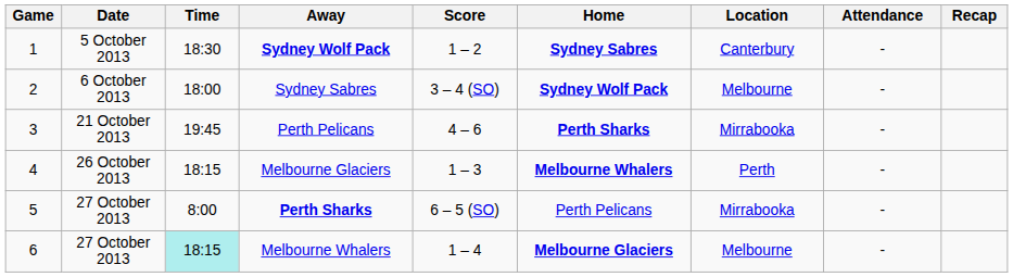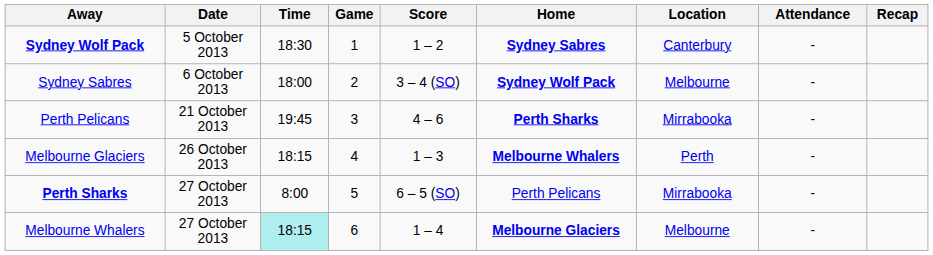 <table class="wikitable" width="85%" style="margin: 1em auto 1em auto">
 <tr>
-<th width="1%">Game</th>
+<th width="10%">Away</th>
 <th width="6%">Date</th>
 <th width="4%">Time</th>
-<th width="10%">Away</th>
+<th width="1%">Game</th>
 <th width="6%">Score</th>
 <th width="10%">Home</th>
 <th width="7%">Location</th>
 <th width="4%">Attendance</th>
 <th width="2%">Recap</th>
 </tr>
 <tr align="center">
-<td>1</td>
+<td><strong><a href='#'>Sydney Wolf Pack</a></strong></td>
 <td>5 October 2013</td>
 <td>18:30</td>
-<td><strong><a href='#'>Sydney Wolf Pack</a></strong></td>
+<td>1</td>
 <td>1 – 2</td>
 <td><strong><a href='#'>Sydney Sabres</a></strong></td>
 <td><a href='#'>Canterbury</a></td>
 <td>-</td>
 <td></td>
 </tr>
 <tr align="center">
-<td>2</td>
+<td><a href='#'>Sydney Sabres</a></td>
 <td>6 October 2013</td>
 <td>18:00</td>
-<td><a href='#'>Sydney Sabres</a></td>
+<td>2</td>
 <td>3 – 4 (<a href='#'>SO</a>)</td>
 <td><strong><a href='#'>Sydney Wolf Pack</a></strong></td>
 <td><a href='#'>Melbourne</a></td>
 <td>-</td>
 <td></td>
 </tr>
 <tr align="center">
-<td>3</td>
+<td><a href='#'>Perth Pelicans</a></td>
 <td>21 October 2013</td>
 <td>19:45</td>
-<td><a href='#'>Perth Pelicans</a></td>
+<td>3</td>
 <td>4 – 6</td>
 <td><strong><a href='#'>Perth Sharks</a></strong></td>
 <td><a href='#'>Mirrabooka</a></td>
 <td>-</td>
 <td></td>
 </tr>
 <tr align="center">
-<td>4</td>
+<td><a href='#'>Melbourne Glaciers</a></td>
 <td>26 October 2013</td>
 <td>18:15</td>
-<td><a href='#'>Melbourne Glaciers</a></td>
+<td>4</td>
 <td>1 – 3</td>
 <td><strong><a href='#'>Melbourne Whalers</a></strong></td>
 <td><a href='#'>Perth</a></td>
 <td>-</td>
 <td></td>
 </tr>
 <tr align="center">
-<td>5</td>
+<td><strong><a href='#'>Perth Sharks</a></strong></td>
 <td>27 October 2013</td>
 <td>8:00</td>
-<td><strong><a href='#'>Perth Sharks</a></strong></td>
+<td>5</td>
 <td>6 – 5 (<a href='#'>SO</a>)</td>
 <td><a href='#'>Perth Pelicans</a></td>
 <td><a href='#'>Mirrabooka</a></td>
 <td>-</td>
 <td></td>
 </tr>
 <tr align="center">
-<td>6</td>
+<td><a href='#'>Melbourne Whalers</a></td>
 <td>27 October 2013</td>
 <td style="background: paleturquoise;">18:15</td>
-<td><a href='#'>Melbourne Whalers</a></td>
+<td>6</td>
 <td>1 – 4</td>
 <td><strong><a href='#'>Melbourne Glaciers</a></strong></td>
 <td><a href='#'>Melbourne</a></td>
 <td>-</td>
 <td></td>
 </tr>
 </table>
